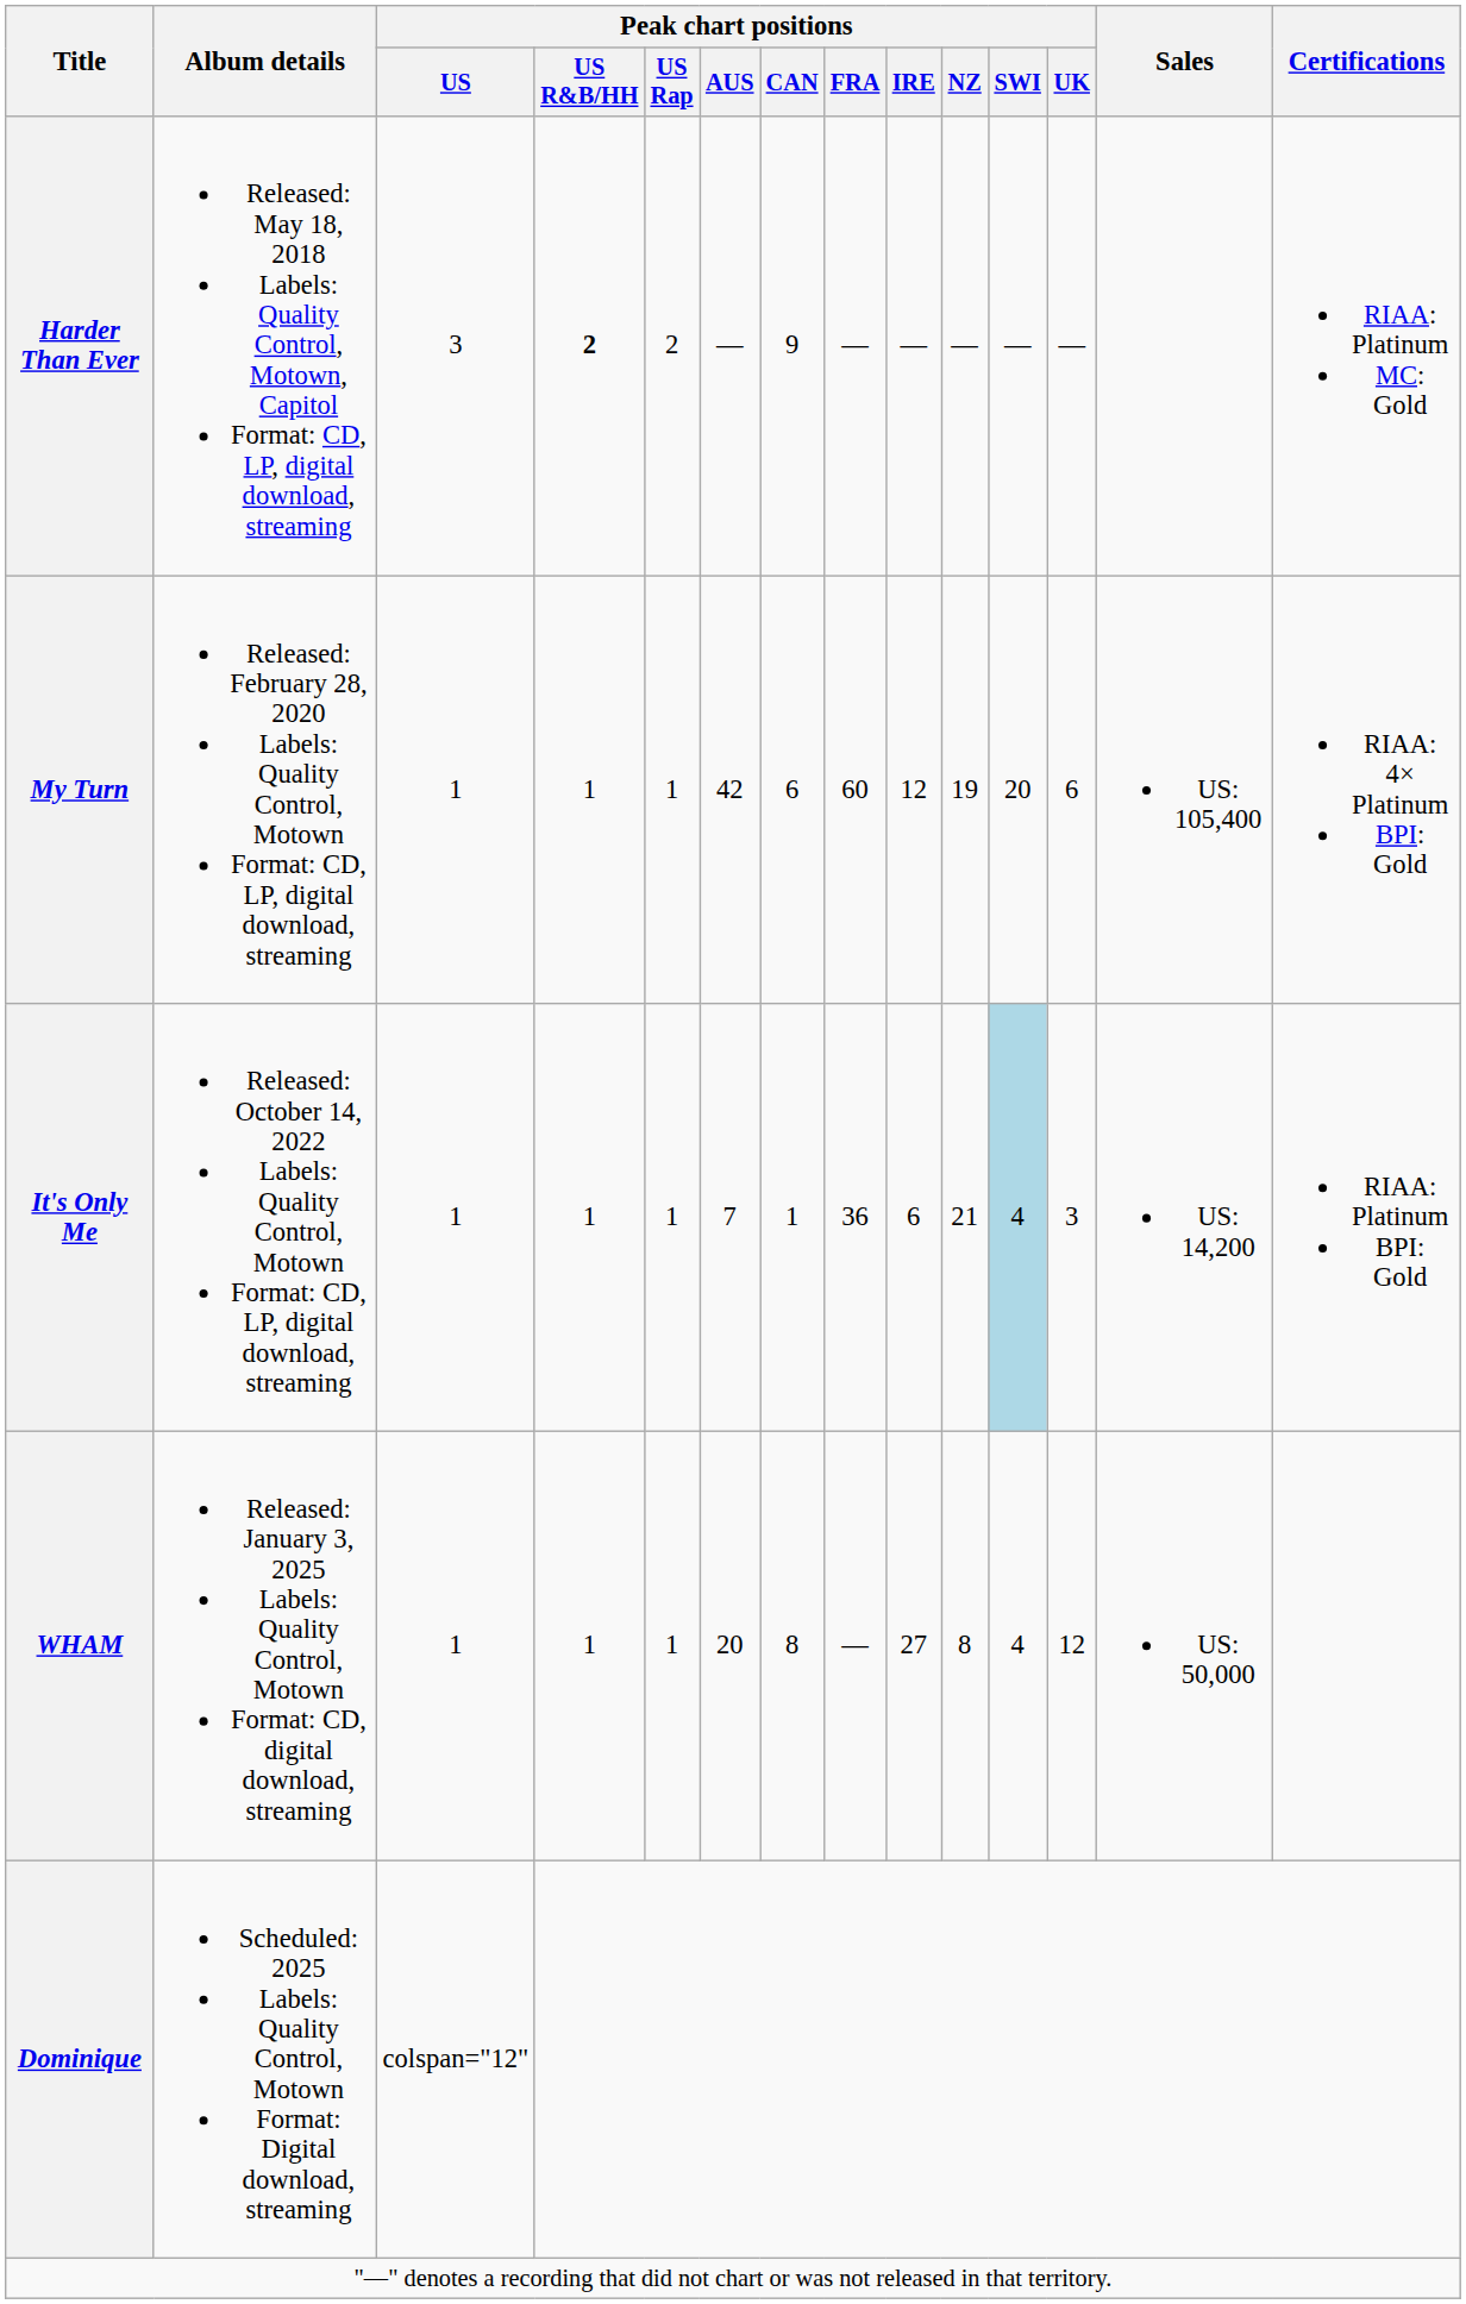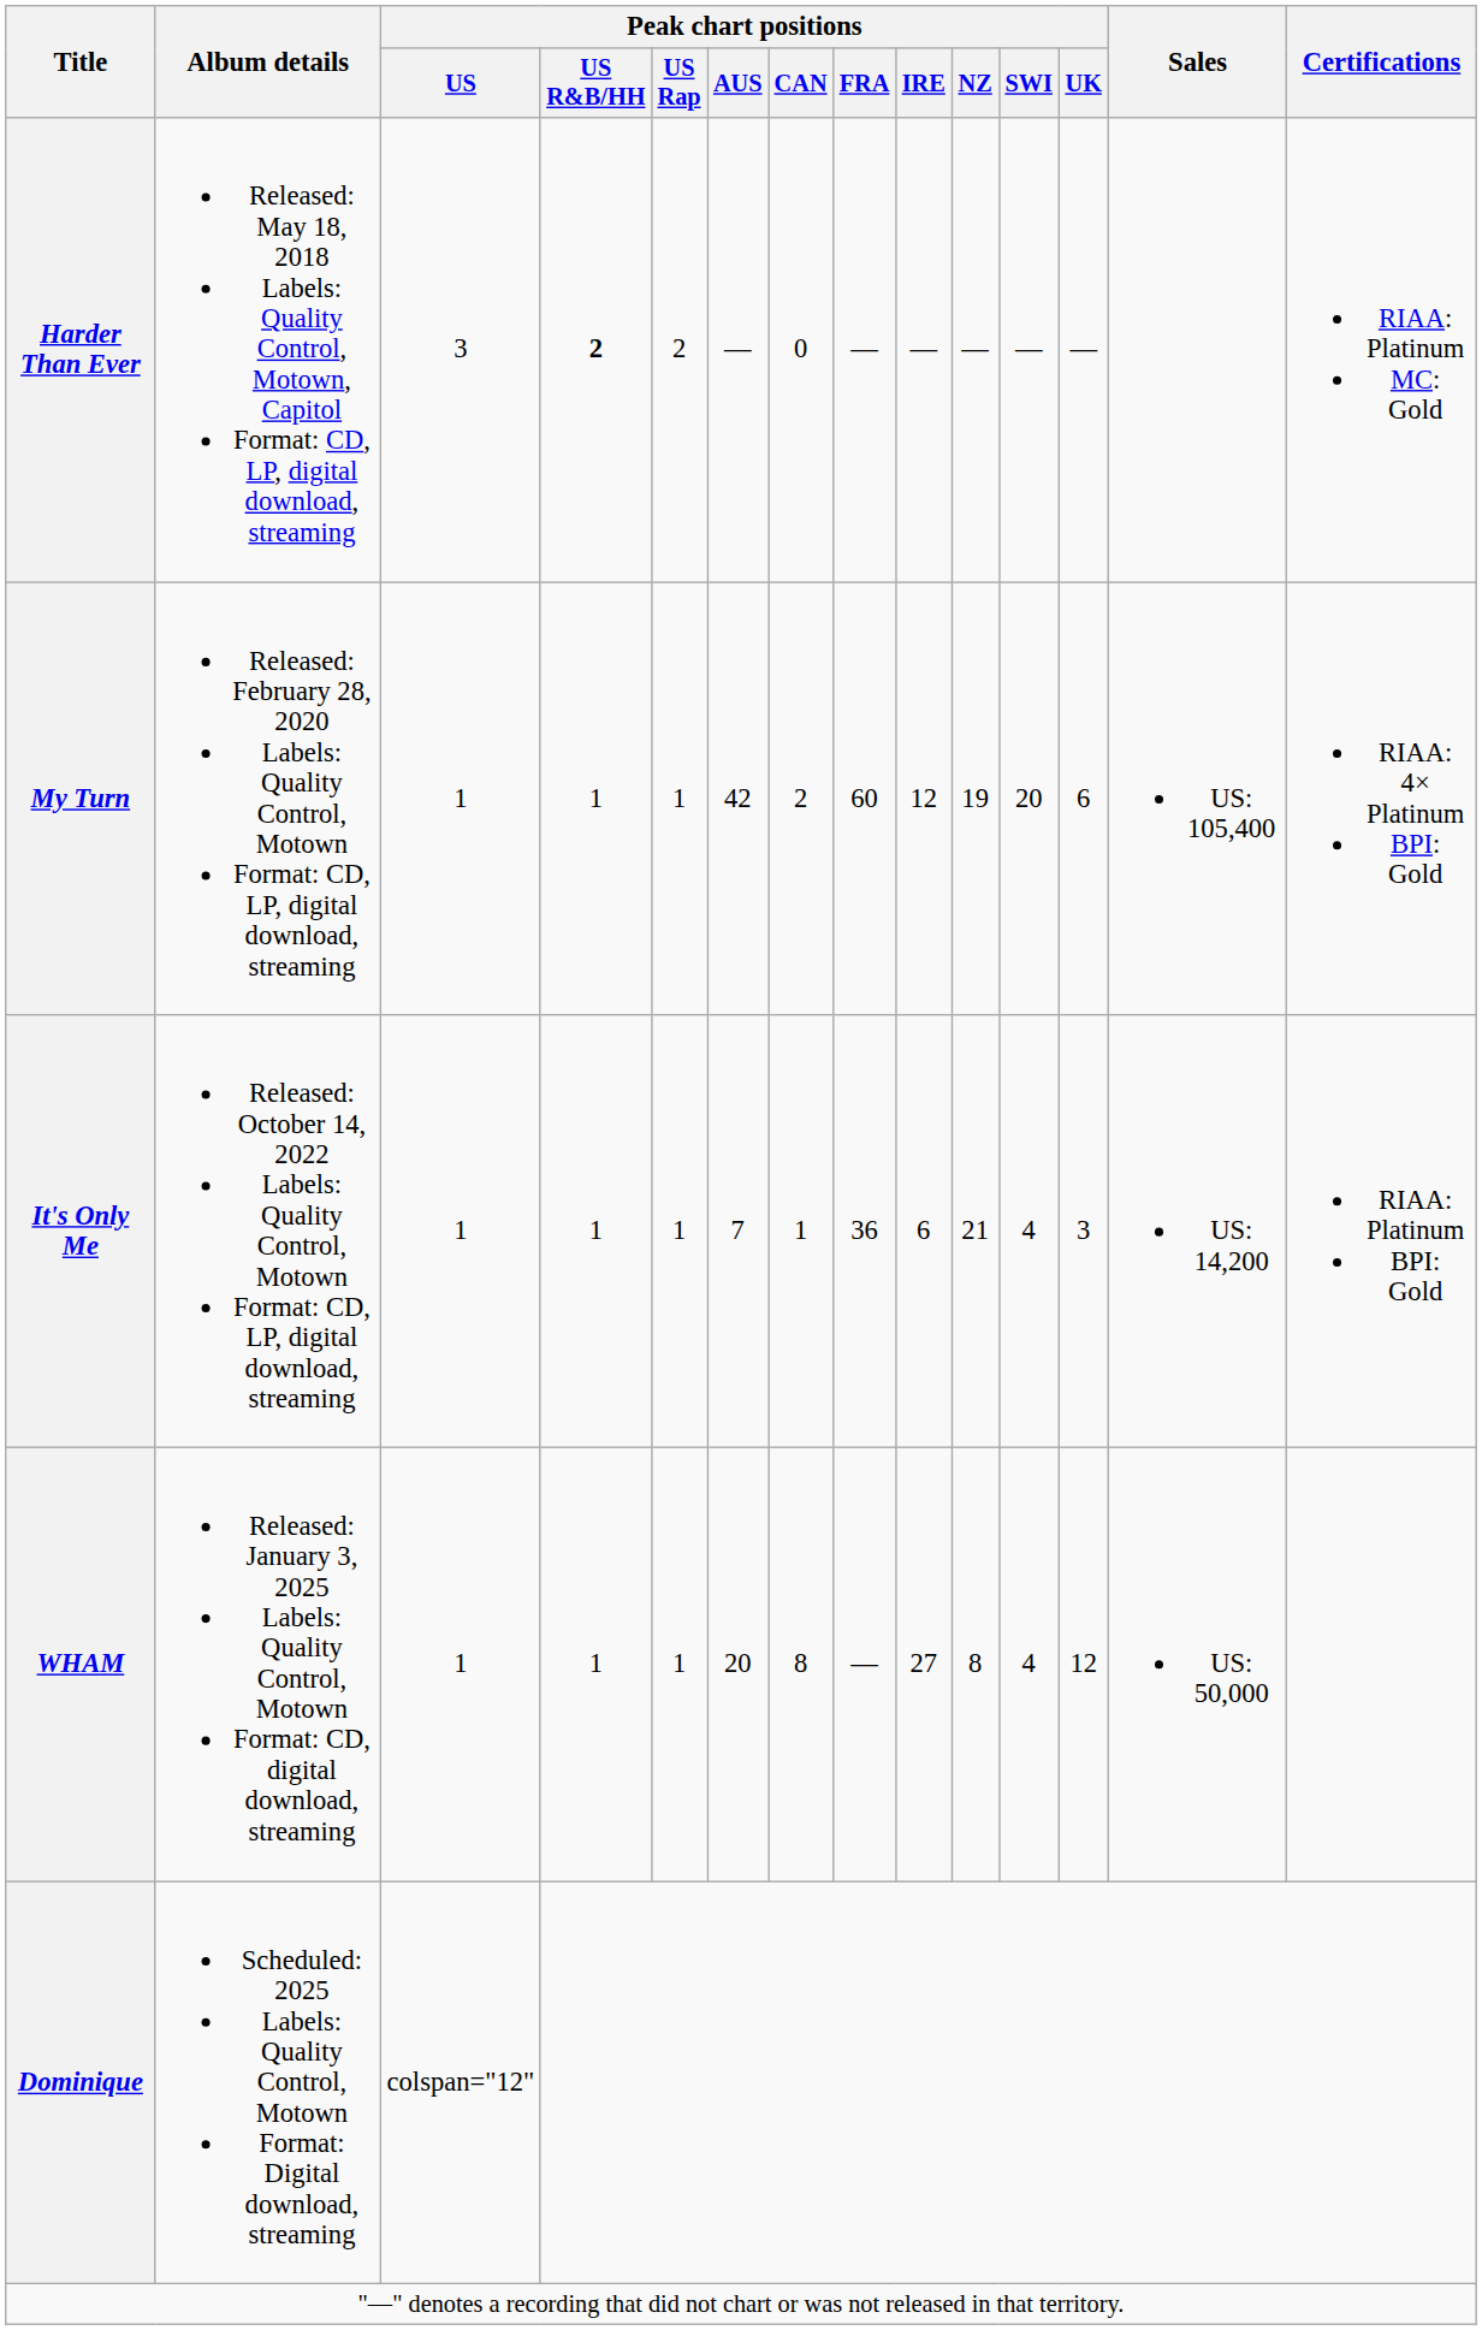 <table class="wikitable plainrowheaders" style="text-align: center;">
 <tr>
 <th scope="col" rowspan="2" style="width:11em;">Title</th>
 <th scope="col" rowspan="2" style="width:20em;">Album details</th>
 <th scope="col" colspan="10">Peak chart positions</th>
 <th scope="col" rowspan="2" style="width:11em;">Sales</th>
 <th scope="col" rowspan="2" style="width:12em;"><a href='#'>Certifications</a></th>
 </tr>
 <tr>
 <th scope="col" style="width:2.5em;font-size:90%;"><a href='#'>US</a><br></th>
 <th scope="col" style="width:2.5em;font-size:90%;"><a href='#'>US<br>R&B/HH</a><br></th>
 <th scope="col" style="width:2.5em;font-size:90%;"><a href='#'>US<br>Rap</a><br></th>
 <th scope="col" style="width:2.5em;font-size:90%;"><a href='#'>AUS</a><br></th>
 <th scope="col" style="width:2.5em;font-size:90%;"><a href='#'>CAN</a><br></th>
 <th scope="col" style="width:2.5em;font-size:90%;"><a href='#'>FRA</a><br></th>
 <th scope="col" style="width:2.5em;font-size:90%;"><a href='#'>IRE</a><br></th>
 <th scope="col" style="width:2.5em;font-size:90%;"><a href='#'>NZ</a><br></th>
 <th scope="col" style="width:2.5em;font-size:90%;"><a href='#'>SWI</a><br></th>
 <th scope="col" style="width:2.5em;font-size:90%;"><a href='#'>UK</a><br></th>
 </tr>
 <tr>
 <th scope="row"><em><a href='#'>Harder Than Ever</a></em></th>
 <td><br><ul><li>Released: May 18, 2018</li><li>Labels: <a href='#'>Quality Control</a>, <a href='#'>Motown</a>, <a href='#'>Capitol</a></li><li>Format: <a href='#'>CD</a>, <a href='#'>LP</a>, <a href='#'>digital download</a>, <a href='#'>streaming</a></li></ul></td>
 <td>3</td>
 <td><strong>2</strong></td>
 <td>2</td>
 <td>—</td>
-<td>9</td>
+<td>0</td>
 <td>—</td>
 <td>—</td>
 <td>—</td>
 <td>—</td>
 <td>—</td>
 <td></td>
 <td><br><ul><li><a href='#'>RIAA</a>: Platinum</li><li><a href='#'>MC</a>: Gold</li></ul></td>
 </tr>
 <tr>
 <th scope="row"><em><a href='#'>My Turn</a></em></th>
 <td><br><ul><li>Released: February 28, 2020</li><li>Labels: Quality Control, Motown</li><li>Format: CD, LP, digital download, streaming</li></ul></td>
 <td>1</td>
 <td>1</td>
 <td>1</td>
 <td>42<br></td>
-<td>6</td>
+<td>2</td>
 <td>60</td>
 <td>12</td>
 <td>19</td>
 <td>20</td>
 <td>6</td>
 <td><br><ul><li>US: 105,400</li></ul></td>
 <td><br><ul><li>RIAA: 4× Platinum</li><li><a href='#'>BPI</a>: Gold</li></ul></td>
 </tr>
 <tr>
 <th scope="row"><em><a href='#'>It's Only Me</a></em></th>
 <td><br><ul><li>Released: October 14, 2022</li><li>Labels: Quality Control, Motown</li><li>Format: CD, LP, digital download, streaming</li></ul></td>
 <td>1</td>
 <td>1</td>
 <td>1</td>
 <td>7</td>
 <td>1</td>
 <td>36</td>
 <td>6</td>
 <td>21<br></td>
-<td style="background: lightblue;">4</td>
+<td>4</td>
 <td>3</td>
 <td><br><ul><li>US: 14,200</li></ul></td>
 <td><br><ul><li>RIAA: Platinum</li><li>BPI: Gold</li></ul></td>
 </tr>
 <tr>
 <th scope="row"><em><a href='#'>WHAM</a></em></th>
 <td><br><ul><li>Released: January 3, 2025</li><li>Labels: Quality Control, Motown</li><li>Format: CD, digital download, streaming</li></ul></td>
 <td>1</td>
 <td>1</td>
 <td>1</td>
 <td>20</td>
 <td>8</td>
 <td>—</td>
 <td>27<br></td>
 <td>8</td>
 <td>4</td>
 <td>12</td>
 <td><br><ul><li>US: 50,000</li></ul></td>
 <td></td>
 </tr>
 <tr>
 <th scope="row"><em><a href='#'>Dominique</a></em></th>
 <td><br><ul><li>Scheduled: 2025</li><li>Labels: Quality Control, Motown</li><li>Format: Digital download, streaming</li></ul></td>
 <td>colspan="12" </td>
 </tr>
 <tr>
 <td colspan="14" style="font-size:90%">"—" denotes a recording that did not chart or was not released in that territory.</td>
 </tr>
 </table>
